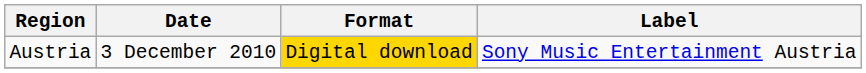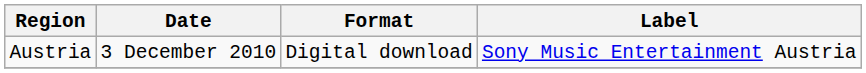 <table class=wikitable>
 <tr>
 <th>Region</th>
 <th>Date</th>
 <th>Format</th>
 <th>Label</th>
 </tr>
 <tr>
 <td>Austria</td>
 <td>3 December 2010</td>
-<td style="background: gold;">Digital download</td>
+<td>Digital download</td>
 <td><a href='#'>Sony Music Entertainment</a> Austria</td>
 </tr>
 <tr>
 </tr>
 </table>
